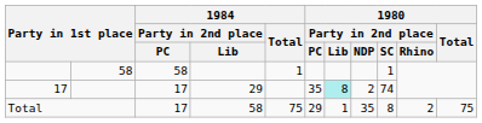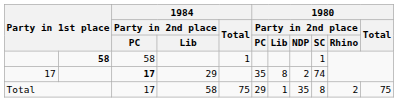 <table class="wikitable" style="text-align:right;">
 <tr>
 <th rowspan="3" colspan="2" style="text-align:left;">Party in 1st place</th>
 <th colspan="3">1984</th>
 <th colspan="6">1980</th>
 </tr>
 <tr>
 <th colspan="2">Party in 2nd place</th>
 <th rowspan="2">Total</th>
 <th colspan="5">Party in 2nd place</th>
 <th rowspan="2">Total</th>
 </tr>
 <tr>
 <th>PC</th>
 <th>Lib</th>
 <th>PC</th>
 <th>Lib</th>
 <th>NDP</th>
 <th>SC</th>
 <th>Rhino</th>
 </tr>
 <tr>
 <td></td>
-<td>58</td>
+<td><strong>58</strong></td>
 <td>58</td>
 <td></td>
 <td>1</td>
 <td></td>
 <td></td>
 <td></td>
 <td>1</td>
 </tr>
 <tr>
 <td>17</td>
 <td></td>
-<td>17</td>
+<td><strong>17</strong></td>
 <td>29</td>
 <td></td>
 <td>35</td>
-<td style="background: paleturquoise;">8</td>
+<td>8</td>
 <td>2</td>
 <td>74</td>
 </tr>
 <tr>
 <td colspan="2" style="text-align:left;">Total</td>
 <td>17</td>
 <td>58</td>
 <td>75</td>
 <td>29</td>
 <td>1</td>
 <td>35</td>
 <td>8</td>
 <td>2</td>
 <td>75</td>
 </tr>
 </table>
